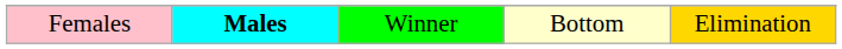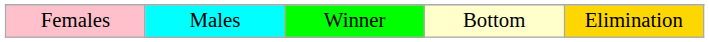 <table class="wikitable" style="margin:1em auto; text-align:center;" font-size:95%; width:95%">
 <tr>
 </tr>
 <tr>
 <td style="background:pink; width:100px;">Females</td>
-<td style="background:cyan; width:100px;"><strong>Males</strong></td>
+<td style="background:cyan; width:100px;">Males</td>
 <td style="background:lime; width:100px;">Winner</td>
 <td style="background:#FFFFCC; width:100px;">Bottom</td>
 <td style="background:gold; width:100px;">Elimination</td>
 </tr>
 </table>
